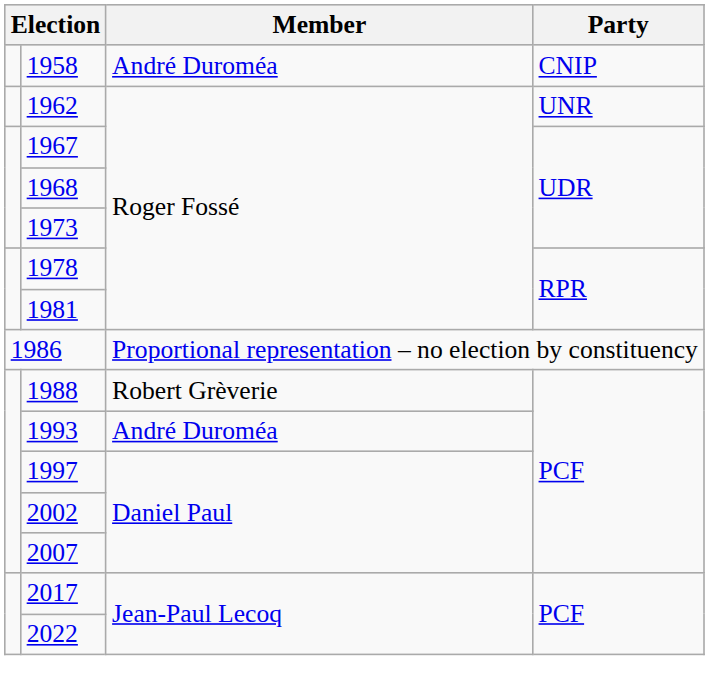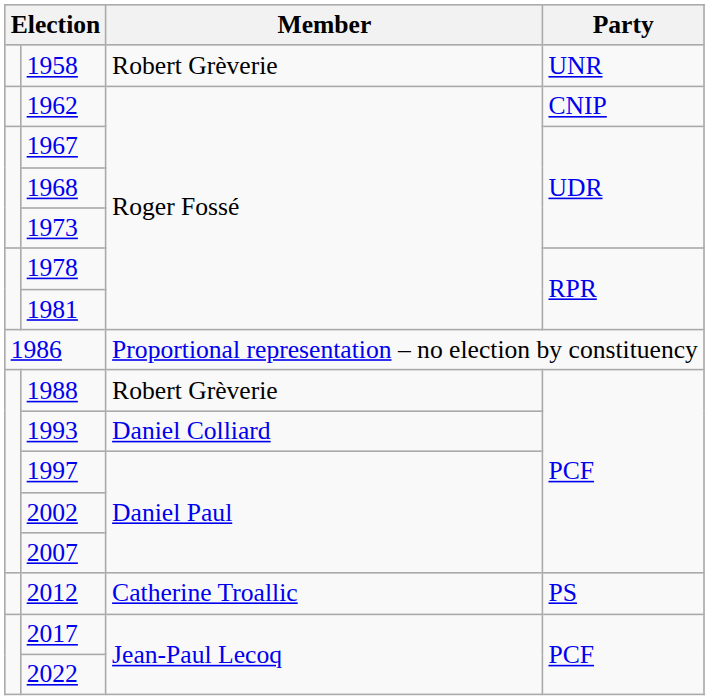 <table class="wikitable">
 <tr>
 <th colspan=2>Election</th>
 <th>Member</th>
 <th>Party</th>
 </tr>
 <tr>
 <td style="background-color: "></td>
 <td><a href='#'>1958</a></td>
-<td><a href='#'>André Duroméa</a></td>
-<td><a href='#'>CNIP</a></td>
+<td>Robert Grèverie</td>
+<td><a href='#'>UNR</a></td>
 </tr>
 <tr>
 <td style="background-color: "></td>
 <td><a href='#'>1962</a></td>
 <td rowspan="6">Roger Fossé</td>
-<td><a href='#'>UNR</a></td>
+<td><a href='#'>CNIP</a></td>
 </tr>
 <tr>
 <td rowspan="3" style="background-color: "></td>
 <td><a href='#'>1967</a></td>
 <td rowspan="3"><a href='#'>UDR</a></td>
 </tr>
 <tr>
 <td><a href='#'>1968</a></td>
 </tr>
 <tr>
 <td><a href='#'>1973</a></td>
 </tr>
 <tr>
 <td rowspan="2" style="background-color: "></td>
 <td><a href='#'>1978</a></td>
 <td rowspan="2"><a href='#'>RPR</a></td>
 </tr>
 <tr>
 <td><a href='#'>1981</a></td>
 </tr>
 <tr>
 <td colspan="2"><a href='#'>1986</a></td>
 <td colspan="2"><a href='#'>Proportional representation</a> – no election by constituency</td>
 </tr>
 <tr>
 <td rowspan="5" style="background-color: "></td>
 <td><a href='#'>1988</a></td>
 <td>Robert Grèverie</td>
 <td rowspan="5"><a href='#'>PCF</a></td>
 </tr>
 <tr>
 <td><a href='#'>1993</a></td>
-<td><a href='#'>André Duroméa</a></td>
+<td><a href='#'>Daniel Colliard</a></td>
 </tr>
 <tr>
 <td><a href='#'>1997</a></td>
 <td rowspan="3"><a href='#'>Daniel Paul</a></td>
 </tr>
 <tr>
 <td><a href='#'>2002</a></td>
 </tr>
 <tr>
 <td><a href='#'>2007</a></td>
 </tr>
 <tr>
+<td style="background-color: "></td>
+<td><a href='#'>2012</a></td>
+<td><a href='#'>Catherine Troallic</a></td>
+<td><a href='#'>PS</a></td>
+</tr>
+<tr>
 <td rowspan="2" style="background-color: "></td>
 <td><a href='#'>2017</a></td>
 <td rowspan="2"><a href='#'>Jean-Paul Lecoq</a></td>
 <td rowspan="2"><a href='#'>PCF</a></td>
 </tr>
 <tr>
 <td><a href='#'>2022</a></td>
 </tr>
 </table>
